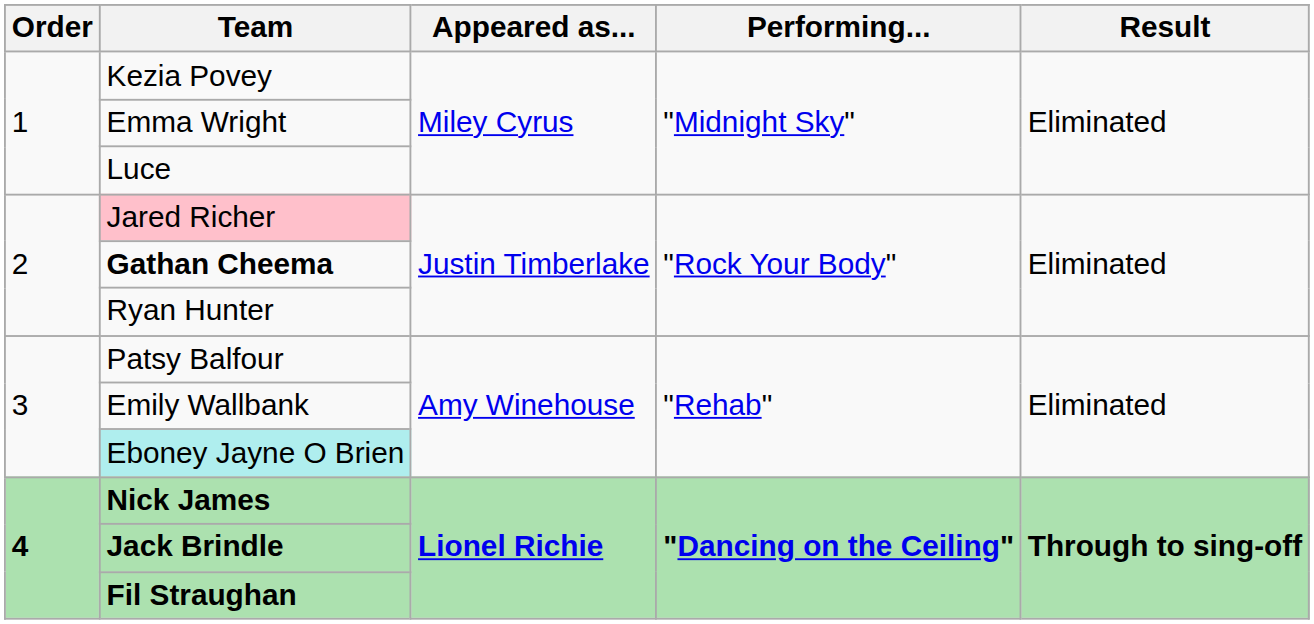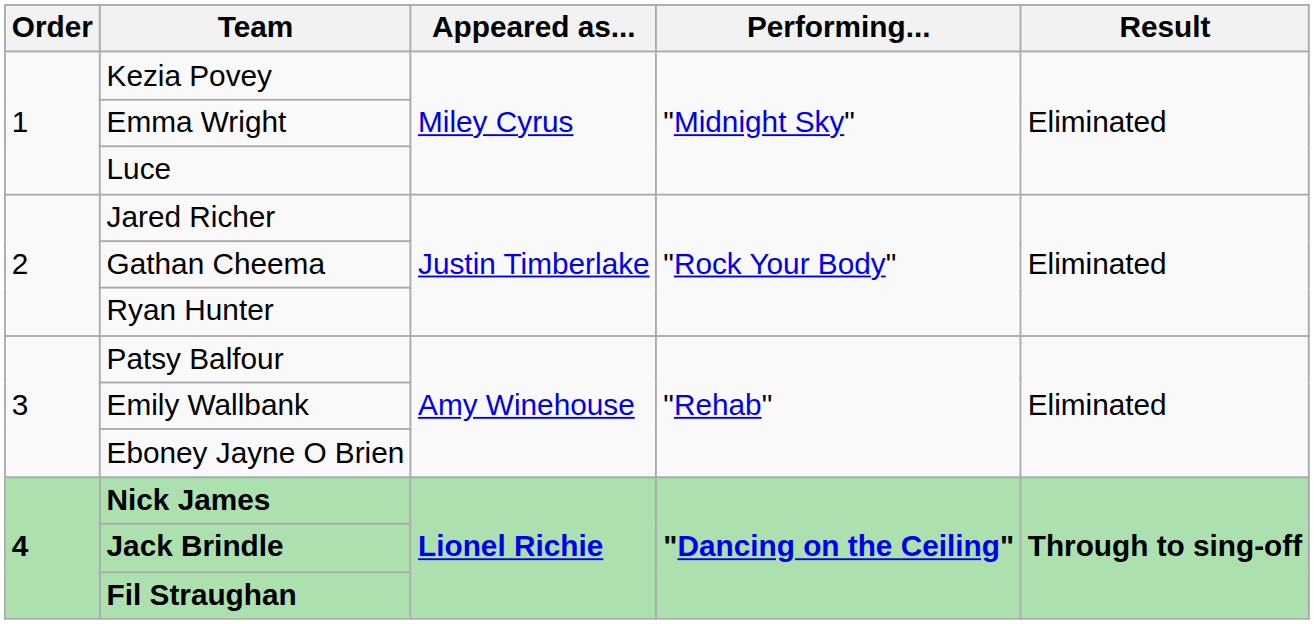 <table class="wikitable">
 <tr>
 <th>Order</th>
 <th>Team</th>
 <th>Appeared as...</th>
 <th>Performing...</th>
 <th>Result</th>
 </tr>
 <tr>
 <td rowspan="3">1</td>
 <td>Kezia Povey</td>
 <td rowspan="3"><a href='#'>Miley Cyrus</a></td>
 <td rowspan="3">"<a href='#'>Midnight Sky</a>"</td>
 <td rowspan="3">Eliminated</td>
 </tr>
 <tr>
 <td>Emma Wright</td>
 </tr>
 <tr>
 <td>Luce</td>
 </tr>
 <tr>
 <td rowspan="3">2</td>
-<td style="background: pink;">Jared Richer</td>
+<td>Jared Richer</td>
 <td rowspan="3"><a href='#'>Justin Timberlake</a></td>
 <td rowspan="3">"<a href='#'>Rock Your Body</a>"</td>
 <td rowspan="3">Eliminated</td>
 </tr>
 <tr>
-<td><strong>Gathan Cheema</strong></td>
+<td>Gathan Cheema</td>
 </tr>
 <tr>
 <td>Ryan Hunter</td>
 </tr>
 <tr>
 <td rowspan="3">3</td>
 <td>Patsy Balfour</td>
 <td rowspan="3"><a href='#'>Amy Winehouse</a></td>
 <td rowspan="3">"<a href='#'>Rehab</a>"</td>
 <td rowspan="3">Eliminated</td>
 </tr>
 <tr>
 <td>Emily Wallbank</td>
 </tr>
 <tr>
-<td style="background: paleturquoise;">Eboney Jayne O Brien</td>
+<td>Eboney Jayne O Brien</td>
 </tr>
 <tr style="background:#ACE1AF;">
 <td rowspan="3"><strong>4</strong></td>
 <td><strong>Nick James</strong></td>
 <td rowspan="3"><strong><a href='#'>Lionel Richie</a></strong></td>
 <td rowspan="3"><strong>"<a href='#'>Dancing on the Ceiling</a>"</strong></td>
 <td rowspan="3"><strong>Through to sing-off</strong></td>
 </tr>
 <tr>
 <td style="background:#ACE1AF;"><strong>Jack Brindle</strong></td>
 </tr>
 <tr>
 <td style="background:#ACE1AF;"><strong>Fil Straughan</strong></td>
 </tr>
 </table>
